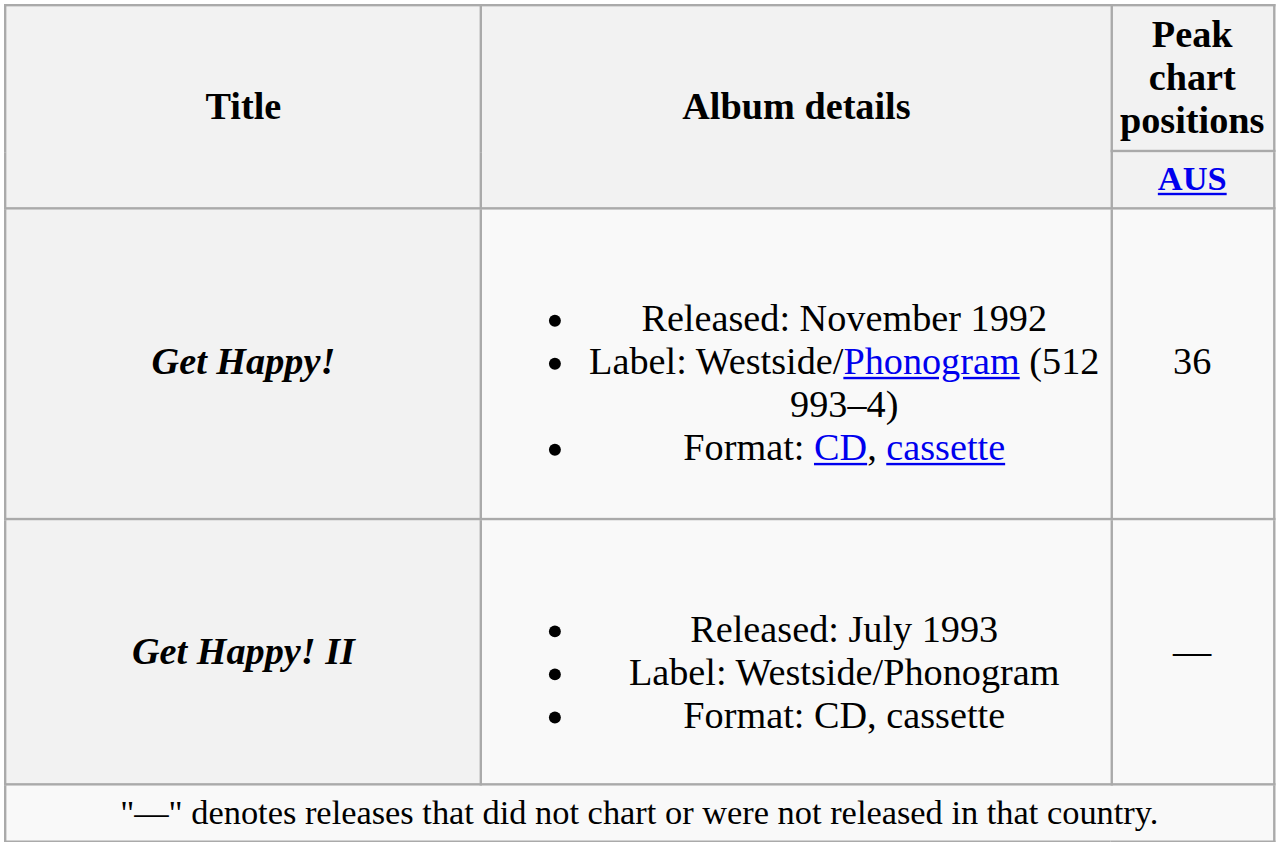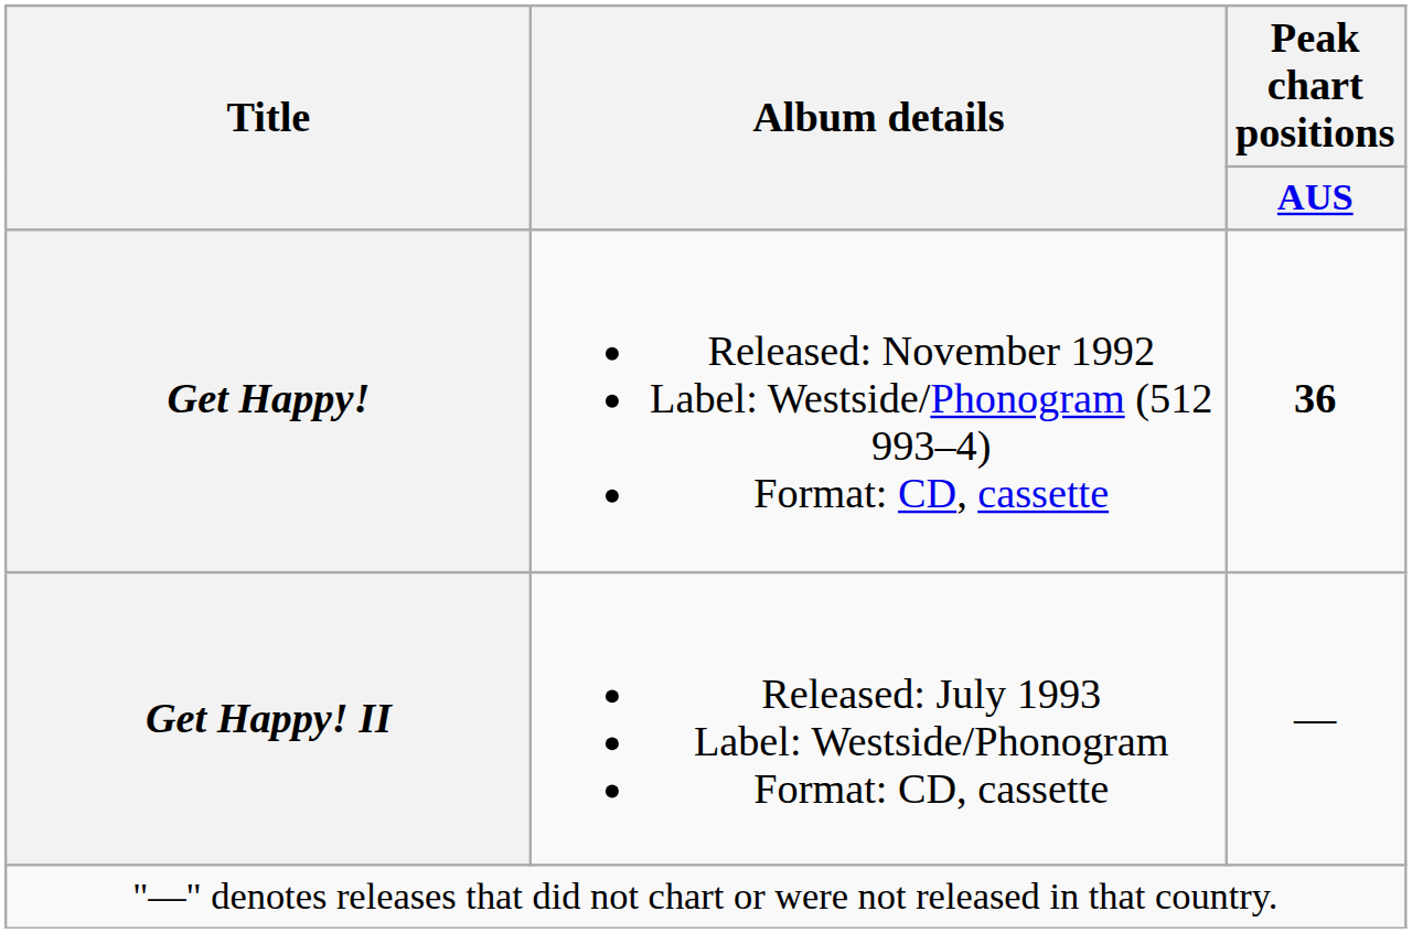 <table class="wikitable plainrowheaders" style="text-align:center;" border="1">
 <tr>
 <th scope="col" rowspan="2" style="width:12em;">Title</th>
 <th scope="col" rowspan="2" style="width:16em;">Album details</th>
 <th scope="col" colspan="1">Peak chart positions</th>
 </tr>
 <tr>
 <th scope="col" style="width:2.2em;font-size:90%;"><a href='#'>AUS</a><br></th>
 </tr>
 <tr>
 <th scope="row"><em>Get Happy!</em></th>
 <td><br><ul><li>Released: November 1992</li><li>Label: Westside/<a href='#'>Phonogram</a> (512 993–4)</li><li>Format: <a href='#'>CD</a>, <a href='#'>cassette</a></li></ul></td>
-<td>36</td>
+<td><strong>36</strong></td>
 </tr>
 <tr>
 <th scope="row"><em>Get Happy! II</em></th>
 <td><br><ul><li>Released: July 1993</li><li>Label: Westside/Phonogram</li><li>Format: CD, cassette</li></ul></td>
 <td>—</td>
 </tr>
 <tr>
 <td colspan="5" style="font-size: 90%">"—" denotes releases that did not chart or were not released in that country.</td>
 </tr>
 </table>
